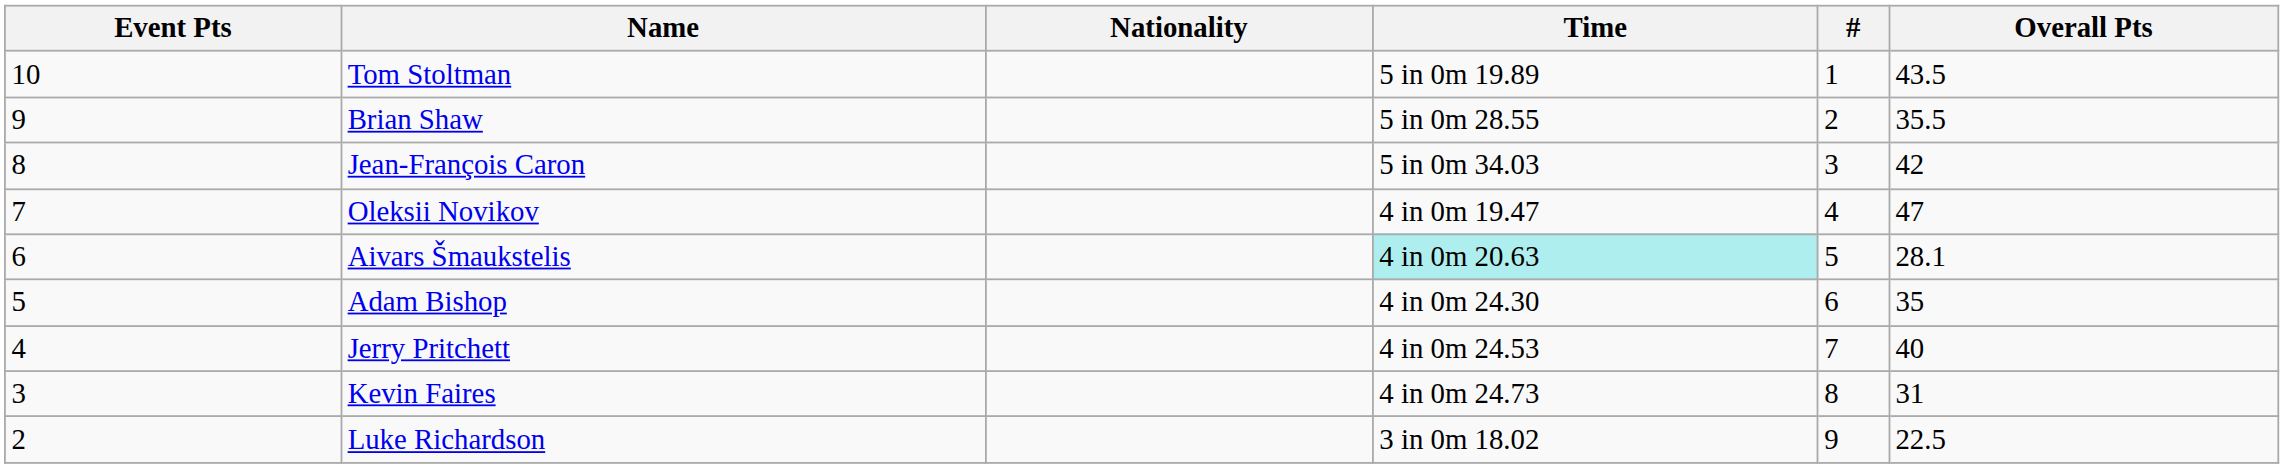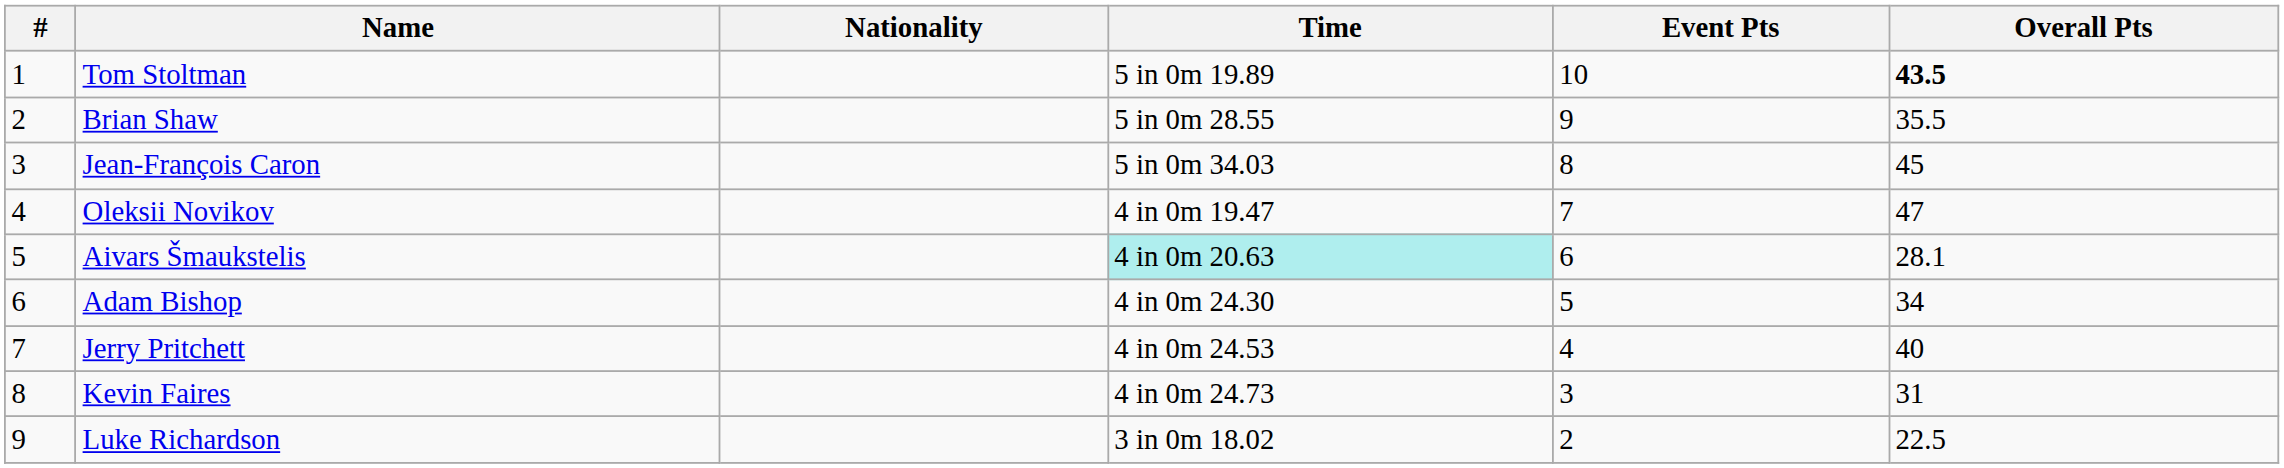 <table class="wikitable sortable" style="display: inline-table;width: 100%;">
 <tr>
-<th>Event Pts</th>
+<th>#</th>
 <th>Name</th>
 <th>Nationality</th>
 <th>Time</th>
-<th>#</th>
+<th>Event Pts</th>
 <th>Overall Pts</th>
 </tr>
 <tr>
-<td>10</td>
+<td>1</td>
 <td><a href='#'>Tom Stoltman</a></td>
 <td></td>
 <td>5 in 0m 19.89</td>
-<td>1</td>
-<td>43.5</td>
+<td>10</td>
+<td><strong>43.5</strong></td>
+</tr>
+<tr>
+<td>2</td>
+<td><a href='#'>Brian Shaw</a></td>
+<td></td>
+<td>5 in 0m 28.55</td>
+<td>9</td>
+<td>35.5</td>
+</tr>
+<tr>
+<td>3</td>
+<td><a href='#'>Jean-François Caron</a></td>
+<td></td>
+<td>5 in 0m 34.03</td>
+<td>8</td>
+<td>45</td>
+</tr>
+<tr>
+<td>4</td>
+<td><a href='#'>Oleksii Novikov</a></td>
+<td></td>
+<td>4 in 0m 19.47</td>
+<td>7</td>
+<td>47</td>
+</tr>
+<tr>
+<td>5</td>
+<td><a href='#'>Aivars Šmaukstelis</a></td>
+<td></td>
+<td style="background: paleturquoise;">4 in 0m 20.63</td>
+<td>6</td>
+<td>28.1</td>
+</tr>
+<tr>
+<td>6</td>
+<td><a href='#'>Adam Bishop</a></td>
+<td></td>
+<td>4 in 0m 24.30</td>
+<td>5</td>
+<td>34</td>
+</tr>
+<tr>
+<td>7</td>
+<td><a href='#'>Jerry Pritchett</a></td>
+<td></td>
+<td>4 in 0m 24.53</td>
+<td>4</td>
+<td>40</td>
+</tr>
+<tr>
+<td>8</td>
+<td><a href='#'>Kevin Faires</a></td>
+<td></td>
+<td>4 in 0m 24.73</td>
+<td>3</td>
+<td>31</td>
 </tr>
 <tr>
 <td>9</td>
-<td><a href='#'>Brian Shaw</a></td>
-<td></td>
-<td>5 in 0m 28.55</td>
-<td>2</td>
-<td>35.5</td>
-</tr>
-<tr>
-<td>8</td>
-<td><a href='#'>Jean-François Caron</a></td>
-<td></td>
-<td>5 in 0m 34.03</td>
-<td>3</td>
-<td>42</td>
-</tr>
-<tr>
-<td>7</td>
-<td><a href='#'>Oleksii Novikov</a></td>
-<td></td>
-<td>4 in 0m 19.47</td>
-<td>4</td>
-<td>47</td>
-</tr>
-<tr>
-<td>6</td>
-<td><a href='#'>Aivars Šmaukstelis</a></td>
-<td></td>
-<td style="background: paleturquoise;">4 in 0m 20.63</td>
-<td>5</td>
-<td>28.1</td>
-</tr>
-<tr>
-<td>5</td>
-<td><a href='#'>Adam Bishop</a></td>
-<td></td>
-<td>4 in 0m 24.30</td>
-<td>6</td>
-<td>35</td>
-</tr>
-<tr>
-<td>4</td>
-<td><a href='#'>Jerry Pritchett</a></td>
-<td></td>
-<td>4 in 0m 24.53</td>
-<td>7</td>
-<td>40</td>
-</tr>
-<tr>
-<td>3</td>
-<td><a href='#'>Kevin Faires</a></td>
-<td></td>
-<td>4 in 0m 24.73</td>
-<td>8</td>
-<td>31</td>
-</tr>
-<tr>
-<td>2</td>
 <td><a href='#'>Luke Richardson</a></td>
 <td></td>
 <td>3 in 0m 18.02</td>
-<td>9</td>
+<td>2</td>
 <td>22.5</td>
 </tr>
 </table>
